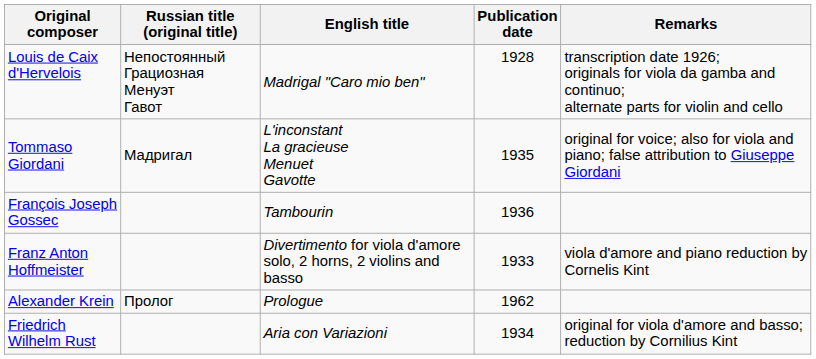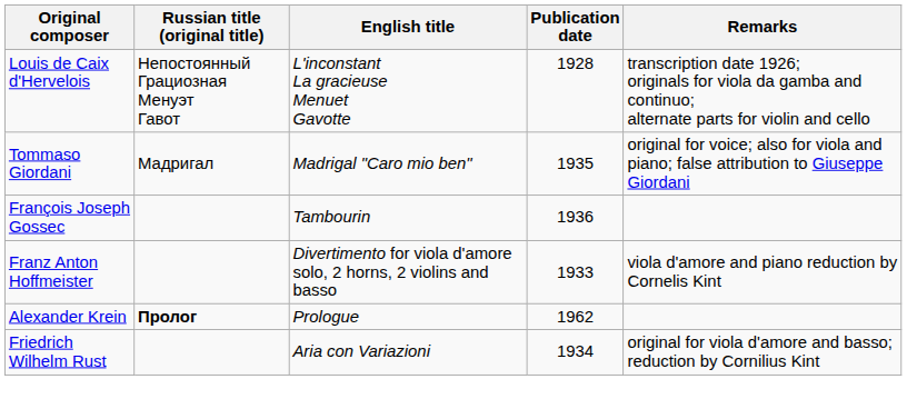 <table class="wikitable" style="margins:auto; width=95%;">
 <tr>
 <th>Original composer</th>
 <th>Russian title (original title)</th>
 <th>English title</th>
 <th width="75">Publication<br>date</th>
 <th>Remarks</th>
 </tr>
 <tr>
 <td valign="top"><a href='#'>Louis de Caix d'Hervelois</a></td>
 <td>Непостоянный <br> Грациозная <br> Менуэт <br> Гавот</td>
-<td><em>Madrigal "Caro mio ben"</em></td>
+<td><em>L'inconstant</em> <br> <em>La gracieuse</em> <br> <em>Menuet</em> <br> <em>Gavotte</em></td>
 <td align=center valign="top">1928</td>
 <td valign="top">transcription date 1926; <br> originals for viola da gamba and continuo; <br> alternate parts for violin and cello</td>
 </tr>
 <tr>
 <td><a href='#'>Tommaso Giordani</a></td>
 <td>Мадригал</td>
-<td><em>L'inconstant</em> <br> <em>La gracieuse</em> <br> <em>Menuet</em> <br> <em>Gavotte</em></td>
+<td><em>Madrigal "Caro mio ben"</em></td>
 <td align=center>1935</td>
 <td>original for voice; also for viola and piano; false attribution to <a href='#'>Giuseppe Giordani</a></td>
 </tr>
 <tr>
 <td><a href='#'>François Joseph Gossec</a></td>
 <td></td>
 <td><em>Tambourin</em></td>
 <td align=center>1936</td>
 <td> </td>
 </tr>
 <tr>
 <td><a href='#'>Franz Anton Hoffmeister</a></td>
 <td></td>
 <td><em>Divertimento</em> for viola d'amore solo, 2 horns, 2 violins and basso</td>
 <td align=center>1933</td>
 <td>viola d'amore and piano reduction by Cornelis Kint</td>
 </tr>
 <tr>
 <td><a href='#'>Alexander Krein</a></td>
-<td>Пролог</td>
+<td><strong>Пролог</strong></td>
 <td><em>Prologue</em></td>
 <td align=center>1962</td>
 <td> </td>
 </tr>
 <tr>
 <td><a href='#'>Friedrich Wilhelm Rust</a></td>
 <td></td>
 <td><em>Aria con Variazioni</em></td>
 <td align=center>1934</td>
 <td>original for viola d'amore and basso; reduction by Cornilius Kint</td>
 </tr>
 </table>
